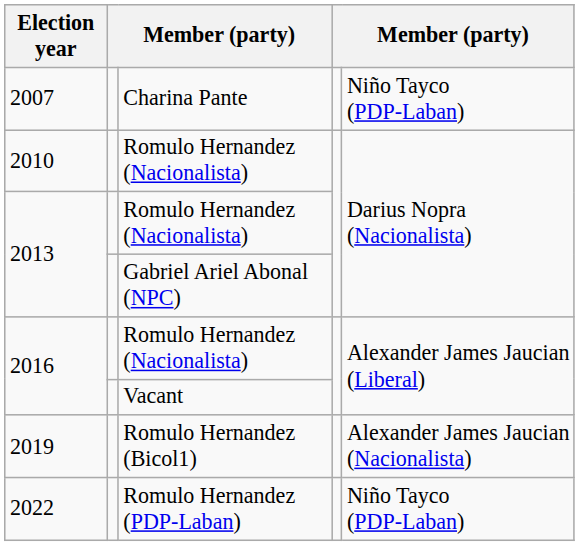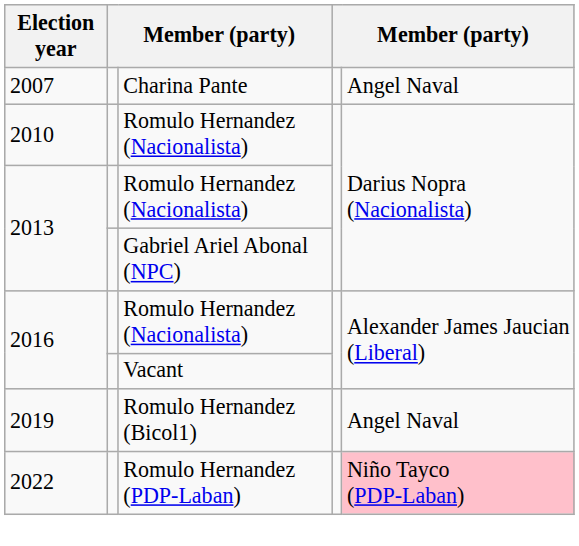 <table class=wikitable style="font-size:90%">
 <tr>
 <th width=60px>Election<br>year</th>
 <th colspan=2 width=140px>Member (party)</th>
 <th colspan=2 width=140px>Member (party)</th>
 </tr>
 <tr>
 <td>2007</td>
 <td></td>
 <td>Charina Pante</td>
 <td></td>
-<td>Niño Tayco<br>(<a href='#'>PDP-Laban</a>)</td>
+<td>Angel Naval</td>
 </tr>
 <tr>
 <td>2010</td>
 <td></td>
 <td>Romulo Hernandez<br>(<a href='#'>Nacionalista</a>)</td>
 <td rowspan=3></td>
 <td rowspan=3>Darius Nopra<br>(<a href='#'>Nacionalista</a>)</td>
 </tr>
 <tr>
 <td rowspan=2>2013</td>
 <td></td>
 <td>Romulo Hernandez<br>(<a href='#'>Nacionalista</a>)</td>
 </tr>
 <tr>
 <td></td>
 <td>Gabriel Ariel Abonal<br>(<a href='#'>NPC</a>)</td>
 </tr>
 <tr>
 <td rowspan=2>2016</td>
 <td></td>
 <td>Romulo Hernandez<br>(<a href='#'>Nacionalista</a>)</td>
 <td rowspan=2></td>
 <td rowspan="2">Alexander James Jaucian<br>(<a href='#'>Liberal</a>)</td>
 </tr>
 <tr>
 <td></td>
 <td>Vacant</td>
 </tr>
 <tr>
 <td>2019</td>
 <td></td>
 <td>Romulo Hernandez<br>(Bicol1)</td>
 <td></td>
-<td>Alexander James Jaucian<br>(<a href='#'>Nacionalista</a>)</td>
+<td>Angel Naval</td>
 </tr>
 <tr>
 <td>2022</td>
 <td></td>
 <td>Romulo Hernandez<br>(<a href='#'>PDP-Laban</a>)</td>
 <td></td>
-<td>Niño Tayco<br>(<a href='#'>PDP-Laban</a>)</td>
+<td style="background: pink;">Niño Tayco<br>(<a href='#'>PDP-Laban</a>)</td>
 </tr>
 </table>
